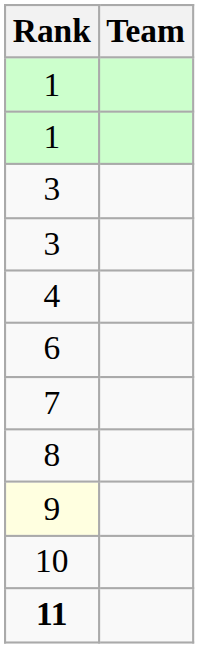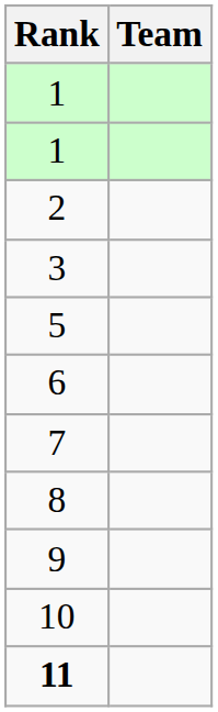 <table class=wikitable style="text-align: center;">
 <tr>
 <th>Rank</th>
 <th>Team</th>
 </tr>
 <tr style="background: #CCFFCC;">
 <td>1</td>
 <td style="text-align: left;"><strong></strong></td>
 </tr>
 <tr style="background: #CCFFCC;">
 <td>1</td>
 <td style="text-align: left;"><strong></strong></td>
 </tr>
 <tr>
-<td>3</td>
+<td>2</td>
 <td style="text-align: left;"></td>
 </tr>
 <tr>
 <td>3</td>
 <td style="text-align: left;"></td>
 </tr>
 <tr>
-<td>4</td>
+<td>5</td>
 <td style="text-align: left;"></td>
 </tr>
 <tr>
 <td>6</td>
 <td style="text-align: left;"></td>
 </tr>
 <tr>
 <td>7</td>
 <td style="text-align: left;"></td>
 </tr>
 <tr>
 <td>8</td>
 <td style="text-align: left;"></td>
 </tr>
 <tr>
-<td style="background: lightyellow;">9</td>
+<td>9</td>
 <td style="text-align: left;"></td>
 </tr>
 <tr>
 <td>10</td>
 <td style="text-align: left;"></td>
 </tr>
 <tr>
 <td><strong>11</strong></td>
 <td style="text-align: left;"></td>
 </tr>
 </table>
